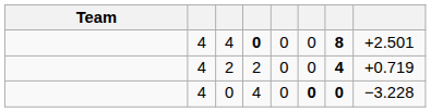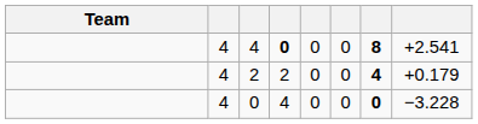 <table class="wikitable" style="text-align:center">
 <tr>
 <th style="width:175px;">Team</th>
 <th style="width:20px;"></th>
 <th style="width:20px;"></th>
 <th style="width:20px;"></th>
 <th style="width:20px;"></th>
 <th style="width:20px;"></th>
 <th style="width:20px;"></th>
 <th style="width:65px;"></th>
 </tr>
 <tr>
 <td style="text-align:left"></td>
 <td>4</td>
 <td>4</td>
 <td><strong>0</strong></td>
 <td>0</td>
 <td>0</td>
 <td><strong>8</strong></td>
-<td>+2.501</td>
+<td>+2.541</td>
 </tr>
 <tr>
 <td style="text-align:left"></td>
 <td>4</td>
 <td>2</td>
 <td>2</td>
 <td>0</td>
 <td>0</td>
 <td><strong>4</strong></td>
-<td>+0.719</td>
+<td>+0.179</td>
 </tr>
 <tr>
 <td style="text-align:left"></td>
 <td>4</td>
 <td>0</td>
 <td>4</td>
 <td>0</td>
-<td><strong>0</strong></td>
+<td>0</td>
 <td><strong>0</strong></td>
 <td>−3.228</td>
 </tr>
 </table>
